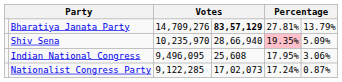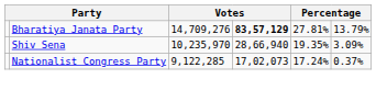 <table class="wikitable">
 <tr>
 <th colspan="2">Party</th>
 <th colspan="2">Votes</th>
 <th colspan="2">Percentage</th>
 </tr>
 <tr>
 <td style="color:inherit;background-color:"></td>
 <td><a href='#'>Bharatiya Janata Party</a></td>
 <td>14,709,276</td>
 <td><strong> 83,57,129</strong></td>
 <td>27.81%</td>
 <td> 13.79%</td>
 </tr>
 <tr>
 <td style="color:inherit;background-color: "></td>
 <td><a href='#'>Shiv Sena</a></td>
 <td>10,235,970</td>
 <td> 28,66,940</td>
-<td style="background: pink;">19.35%</td>
-<td> 5.09%</td>
-</tr>
-<tr>
-<td style="color:inherit;background-color: "></td>
-<td><a href='#'>Indian National Congress</a></td>
-<td>9,496,095</td>
-<td> 25,608</td>
-<td>17.95%</td>
-<td> 3.06%</td>
+<td>19.35%</td>
+<td> 3.09%</td>
 </tr>
 <tr>
 <td style="color:inherit;background-color: "></td>
 <td><a href='#'>Nationalist Congress Party</a></td>
 <td>9,122,285</td>
 <td> 17,02,073</td>
 <td>17.24%</td>
-<td> 0.87%</td>
+<td> 0.37%</td>
 </tr>
 </table>
